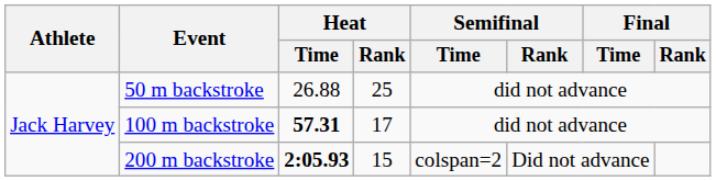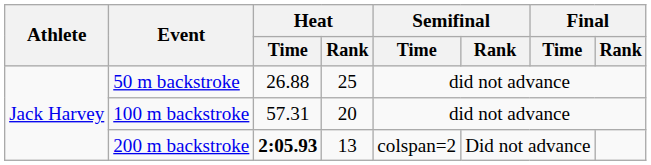 <table class=wikitable style=font-size:90%>
 <tr>
 <th rowspan=2>Athlete</th>
 <th rowspan=2>Event</th>
 <th colspan=2>Heat</th>
 <th colspan=2>Semifinal</th>
 <th colspan=2>Final</th>
 </tr>
 <tr style=font-size:95%>
 <th>Time</th>
 <th>Rank</th>
 <th>Time</th>
 <th>Rank</th>
 <th>Time</th>
 <th>Rank</th>
 </tr>
 <tr align=center>
 <td align=left rowspan=3><a href='#'>Jack Harvey</a></td>
 <td style="text-align:left;"><a href='#'>50 m backstroke</a></td>
 <td>26.88</td>
 <td>25</td>
 <td colspan=4>did not advance</td>
 </tr>
 <tr align=center>
 <td style="text-align:left;"><a href='#'>100 m backstroke</a></td>
-<td><strong>57.31</strong></td>
-<td>17</td>
+<td>57.31</td>
+<td>20</td>
 <td colspan=4>did not advance</td>
 </tr>
 <tr align=center>
 <td align=left rowspan="1"><a href='#'>200 m backstroke</a></td>
 <td><strong>2:05.93</strong></td>
-<td>15</td>
+<td>13</td>
 <td>colspan=2 </td>
 <td colspan="2">Did not advance</td>
 </tr>
 </table>
